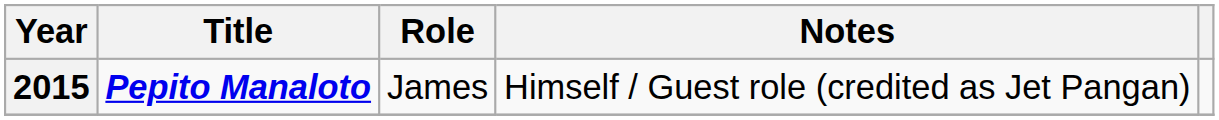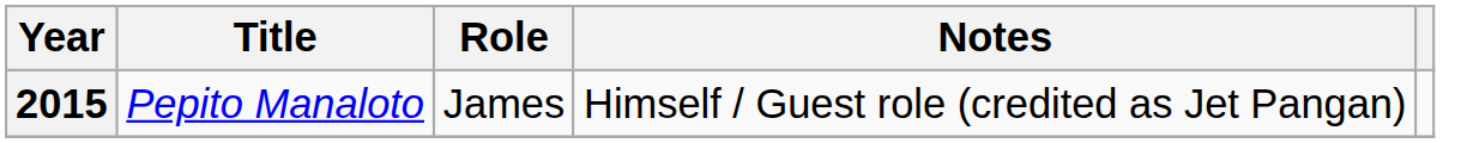 <table class="wikitable sortable plainrowheaders">
 <tr>
 <th scope="col">Year</th>
 <th scope="col">Title</th>
 <th scope="col">Role</th>
 <th scope="col">Notes</th>
 <th scope="col" class="unsortable"></th>
 </tr>
 <tr>
 <th scope=row>2015</th>
-<td><strong><em><a href='#'>Pepito Manaloto</a></em></strong></td>
+<td><em><a href='#'>Pepito Manaloto</a></em></td>
 <td>James</td>
 <td>Himself / Guest role (credited as Jet Pangan)</td>
 <td></td>
 </tr>
 <tr>
 </tr>
 </table>
